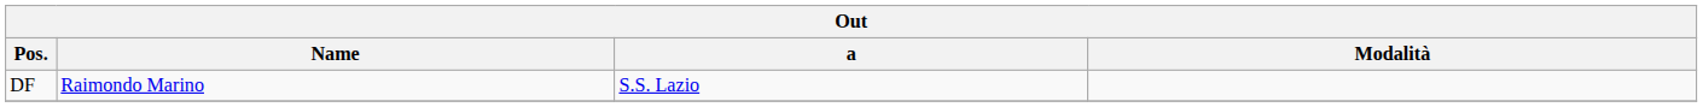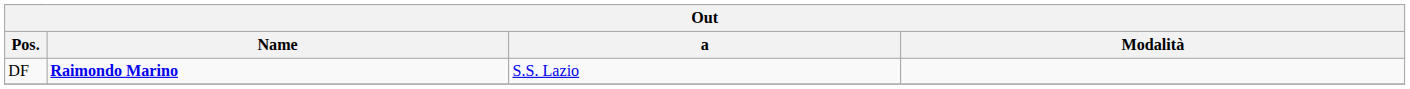 <table class="wikitable" style="font-size:90%;width:99%;">
 <tr>
 <th colspan="4">Out</th>
 </tr>
 <tr>
 <th width=3%>Pos.</th>
 <th width=33%>Name</th>
 <th width=28%>a</th>
 <th width=36%>Modalità</th>
 </tr>
 <tr>
 <td>DF</td>
-<td><a href='#'>Raimondo Marino</a></td>
+<td><strong><a href='#'>Raimondo Marino</a></strong></td>
 <td><a href='#'>S.S. Lazio</a></td>
 <td></td>
 </tr>
 <tr>
 </tr>
 </table>
